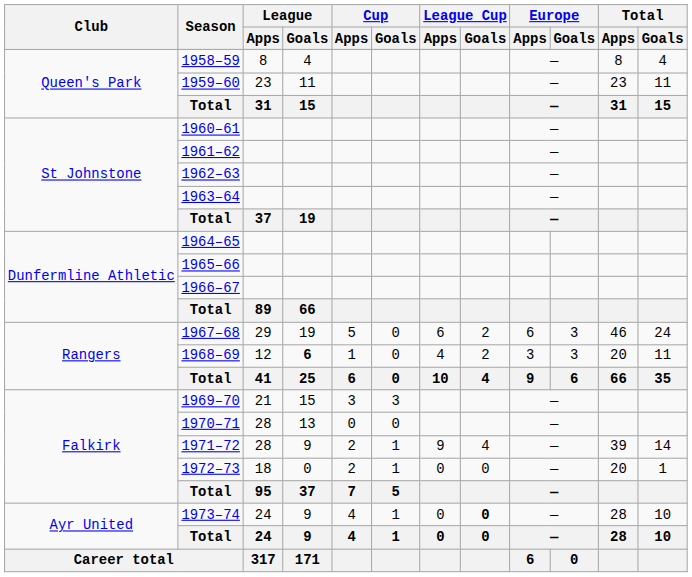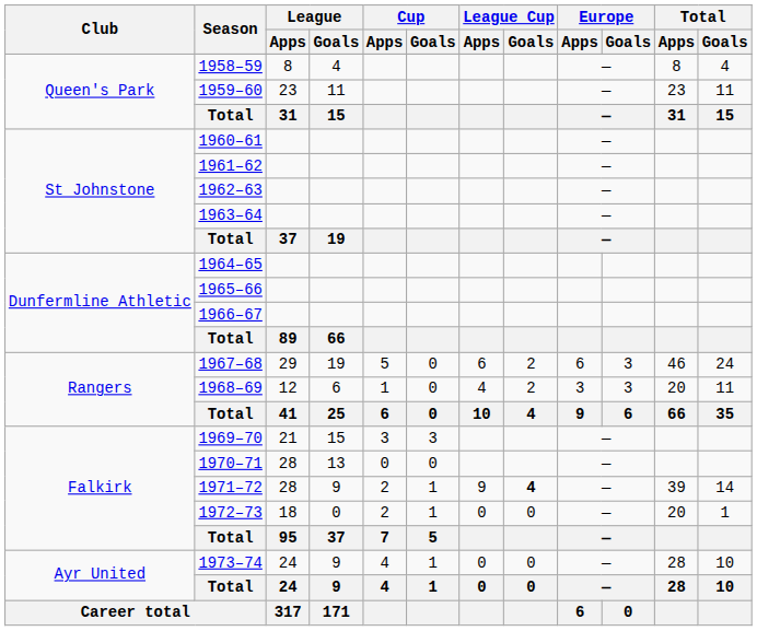 <table class=wikitable style="text-align:center">
 <tr>
 <th rowspan=2>Club</th>
 <th rowspan=2>Season</th>
 <th colspan=2>League</th>
 <th colspan=2><a href='#'>Cup</a></th>
 <th colspan=2><a href='#'>League Cup</a></th>
 <th colspan=2><a href='#'>Europe</a></th>
 <th colspan=2>Total</th>
 </tr>
 <tr>
 <th>Apps</th>
 <th>Goals</th>
 <th>Apps</th>
 <th>Goals</th>
 <th>Apps</th>
 <th>Goals</th>
 <th>Apps</th>
 <th>Goals</th>
 <th>Apps</th>
 <th>Goals</th>
 </tr>
 <tr>
 <td rowspan=4><a href='#'>Queen's Park</a></td>
 </tr>
 <tr>
 <td><a href='#'>1958–59</a></td>
 <td>8</td>
 <td>4</td>
 <td></td>
 <td></td>
 <td></td>
 <td></td>
 <td colspan=2>—</td>
 <td>8</td>
 <td>4</td>
 </tr>
 <tr>
 <td><a href='#'>1959–60</a></td>
 <td>23</td>
 <td>11</td>
 <td></td>
 <td></td>
 <td></td>
 <td></td>
 <td colspan=2>—</td>
 <td>23</td>
 <td>11</td>
 </tr>
 <tr>
 <th>Total</th>
 <th>31</th>
 <th>15</th>
 <th></th>
 <th></th>
 <th></th>
 <th></th>
 <th colspan=2>—</th>
 <th>31</th>
 <th>15</th>
 </tr>
 <tr>
 <td rowspan=5><a href='#'>St Johnstone</a></td>
 <td><a href='#'>1960–61</a></td>
 <td></td>
 <td></td>
 <td></td>
 <td></td>
 <td></td>
 <td></td>
 <td colspan=2>—</td>
 <td></td>
 <td></td>
 </tr>
 <tr>
 <td><a href='#'>1961–62</a></td>
 <td></td>
 <td></td>
 <td></td>
 <td></td>
 <td></td>
 <td></td>
 <td colspan=2>—</td>
 <td></td>
 <td></td>
 </tr>
 <tr>
 <td><a href='#'>1962–63</a></td>
 <td></td>
 <td></td>
 <td></td>
 <td></td>
 <td></td>
 <td></td>
 <td colspan=2>—</td>
 <td></td>
 <td></td>
 </tr>
 <tr>
 <td><a href='#'>1963–64</a></td>
 <td></td>
 <td></td>
 <td></td>
 <td></td>
 <td></td>
 <td></td>
 <td colspan=2>—</td>
 <td></td>
 <td></td>
 </tr>
 <tr>
 <th>Total</th>
 <th>37</th>
 <th>19</th>
 <th></th>
 <th></th>
 <th></th>
 <th></th>
 <th colspan=2>—</th>
 <th></th>
 <th></th>
 </tr>
 <tr>
 <td rowspan=4><a href='#'>Dunfermline Athletic</a></td>
 <td><a href='#'>1964–65</a></td>
 <td></td>
 <td></td>
 <td></td>
 <td></td>
 <td></td>
 <td></td>
 <td></td>
 <td></td>
 <td></td>
 <td></td>
 </tr>
 <tr>
 <td><a href='#'>1965–66</a></td>
 <td></td>
 <td></td>
 <td></td>
 <td></td>
 <td></td>
 <td></td>
 <td></td>
 <td></td>
 <td></td>
 <td></td>
 </tr>
 <tr>
 <td><a href='#'>1966–67</a></td>
 <td></td>
 <td></td>
 <td></td>
 <td></td>
 <td></td>
 <td></td>
 <td></td>
 <td></td>
 <td></td>
 <td></td>
 </tr>
 <tr>
 <th>Total</th>
 <th>89</th>
 <th>66</th>
 <th></th>
 <th></th>
 <th></th>
 <th></th>
 <th></th>
 <th></th>
 <th></th>
 <th></th>
 </tr>
 <tr>
 <td rowspan=3><a href='#'>Rangers</a></td>
 <td><a href='#'>1967–68</a></td>
 <td>29</td>
 <td>19</td>
 <td>5</td>
 <td>0</td>
 <td>6</td>
 <td>2</td>
 <td>6</td>
 <td>3</td>
 <td>46</td>
 <td>24</td>
 </tr>
 <tr>
 <td><a href='#'>1968–69</a></td>
 <td>12</td>
-<td><strong>6</strong></td>
+<td>6</td>
 <td>1</td>
 <td>0</td>
 <td>4</td>
 <td>2</td>
 <td>3</td>
 <td>3</td>
 <td>20</td>
 <td>11</td>
 </tr>
 <tr>
 <th>Total</th>
 <th>41</th>
 <th>25</th>
 <th>6</th>
 <th>0</th>
 <th>10</th>
 <th>4</th>
 <th>9</th>
 <th>6</th>
 <th>66</th>
 <th>35</th>
 </tr>
 <tr>
 <td rowspan=5><a href='#'>Falkirk</a></td>
 <td><a href='#'>1969–70</a></td>
 <td>21</td>
 <td>15</td>
 <td>3</td>
 <td>3</td>
 <td></td>
 <td></td>
 <td colspan=2>—</td>
 <td></td>
 <td></td>
 </tr>
 <tr>
 <td><a href='#'>1970–71</a></td>
 <td>28</td>
 <td>13</td>
 <td>0</td>
 <td>0</td>
 <td></td>
 <td></td>
 <td colspan=2>—</td>
 <td></td>
 <td></td>
 </tr>
 <tr>
 <td><a href='#'>1971–72</a></td>
 <td>28</td>
 <td>9</td>
 <td>2</td>
 <td>1</td>
 <td>9</td>
-<td>4</td>
+<td><strong>4</strong></td>
 <td colspan=2>—</td>
 <td>39</td>
 <td>14</td>
 </tr>
 <tr>
 <td><a href='#'>1972–73</a></td>
 <td>18</td>
 <td>0</td>
 <td>2</td>
 <td>1</td>
 <td>0</td>
 <td>0</td>
 <td colspan=2>—</td>
 <td>20</td>
 <td>1</td>
 </tr>
 <tr>
 <th>Total</th>
 <th>95</th>
 <th>37</th>
 <th>7</th>
 <th>5</th>
 <th></th>
 <th></th>
 <th colspan=2>—</th>
 <th></th>
 <th></th>
 </tr>
 <tr>
 <td rowspan=2><a href='#'>Ayr United</a></td>
 <td><a href='#'>1973–74</a></td>
 <td>24</td>
 <td>9</td>
 <td>4</td>
 <td>1</td>
 <td>0</td>
-<td><strong>0</strong></td>
+<td>0</td>
 <td colspan=2>—</td>
 <td>28</td>
 <td>10</td>
 </tr>
 <tr>
 <th>Total</th>
 <th>24</th>
 <th>9</th>
 <th>4</th>
 <th>1</th>
 <th>0</th>
 <th>0</th>
 <th colspan=2>—</th>
 <th>28</th>
 <th>10</th>
 </tr>
 <tr>
 <th colspan=2>Career total</th>
 <th>317</th>
 <th>171</th>
 <th></th>
 <th></th>
 <th></th>
 <th></th>
 <th>6</th>
 <th>0</th>
 <th></th>
 <th></th>
 </tr>
 </table>
